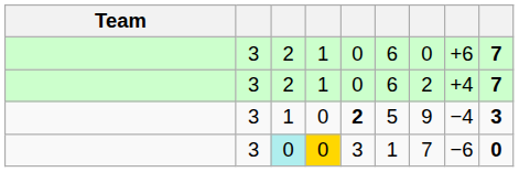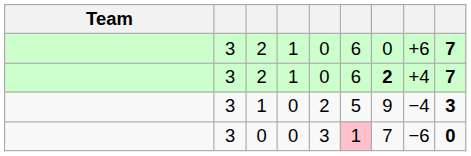 <table class="wikitable" style="text-align:center;">
 <tr>
 <th width=175>Team</th>
 <th width=20></th>
 <th width=20></th>
 <th width=20></th>
 <th width=20></th>
 <th width=20></th>
 <th width=20></th>
 <th width=20></th>
 <th width=20></th>
 </tr>
 <tr style="background:#cfc;">
 <td align=left></td>
 <td>3</td>
 <td>2</td>
 <td>1</td>
 <td>0</td>
 <td>6</td>
 <td>0</td>
 <td>+6</td>
 <td><strong>7</strong></td>
 </tr>
 <tr style="background:#cfc;">
 <td align=left></td>
 <td>3</td>
 <td>2</td>
 <td>1</td>
 <td>0</td>
 <td>6</td>
-<td>2</td>
+<td><strong>2</strong></td>
 <td>+4</td>
 <td><strong>7</strong></td>
 </tr>
 <tr>
 <td align=left></td>
 <td>3</td>
 <td>1</td>
 <td>0</td>
-<td><strong>2</strong></td>
+<td>2</td>
 <td>5</td>
 <td>9</td>
 <td>−4</td>
 <td><strong>3</strong></td>
 </tr>
 <tr>
 <td align=left></td>
 <td>3</td>
-<td style="background: paleturquoise;">0</td>
-<td style="background: gold;">0</td>
+<td>0</td>
+<td>0</td>
 <td>3</td>
-<td>1</td>
+<td style="background: pink;">1</td>
 <td>7</td>
 <td>−6</td>
 <td><strong>0</strong></td>
 </tr>
 </table>
